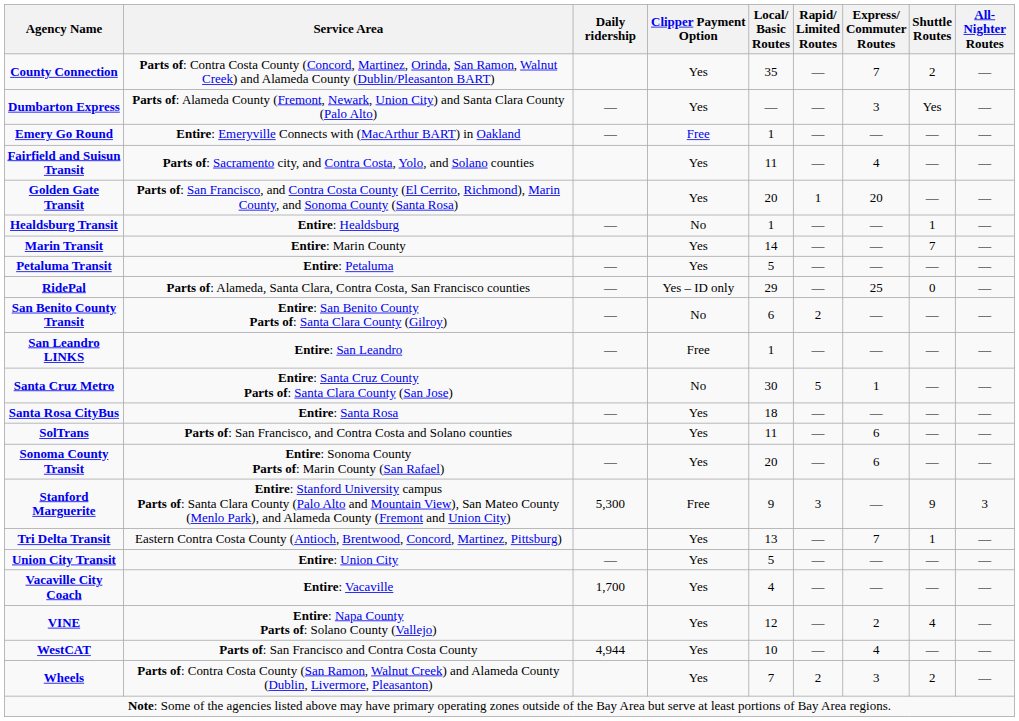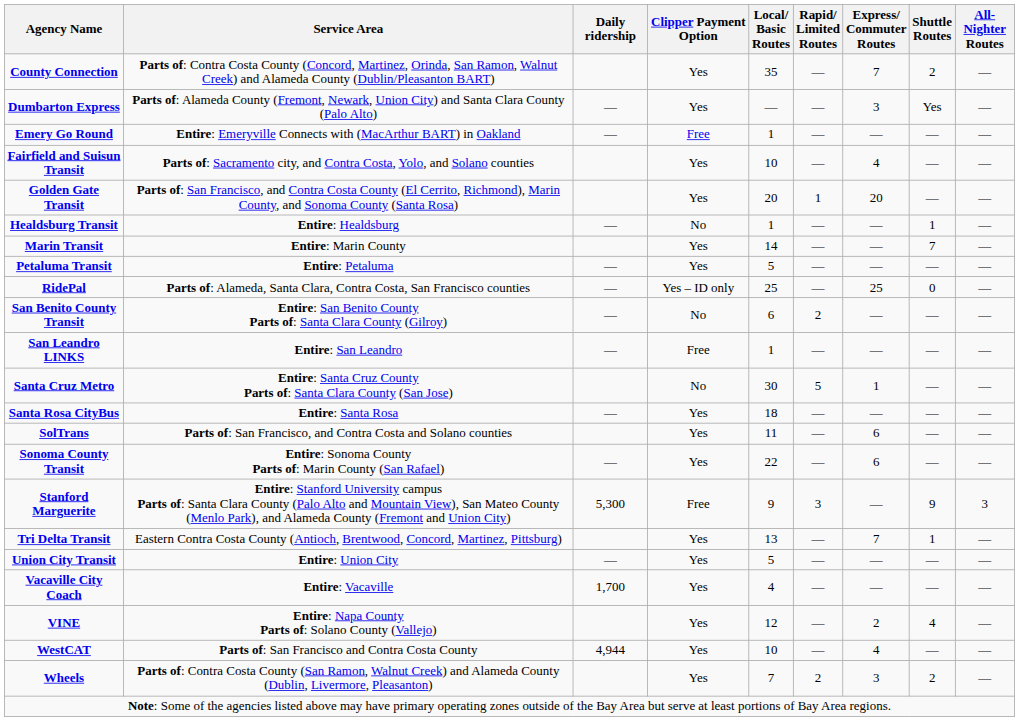 <table class="wikitable sticky-header " style="text-align:center" style="font-size: 90%;" |>
 <tr>
 <th>Agency Name</th>
 <th>Service Area</th>
 <th>Daily ridership</th>
 <th><a href='#'>Clipper</a> Payment Option</th>
 <th>Local/<br>Basic<br>Routes</th>
 <th>Rapid/<br>Limited<br>Routes</th>
 <th>Express/<br>Commuter<br>Routes</th>
 <th>Shuttle<br>Routes</th>
 <th><a href='#'>All-Nighter</a><br>Routes</th>
 </tr>
 <tr>
 <td><strong><a href='#'>County Connection</a></strong></td>
 <td><strong>Parts of</strong>: Contra Costa County (<a href='#'>Concord</a>, <a href='#'>Martinez</a>, <a href='#'>Orinda</a>, <a href='#'>San Ramon</a>, <a href='#'>Walnut Creek</a>) and Alameda County (<a href='#'>Dublin/Pleasanton BART</a>)</td>
 <td></td>
 <td>Yes</td>
 <td>35</td>
 <td>—</td>
 <td>7</td>
 <td>2</td>
 <td>—</td>
 </tr>
 <tr>
 <td><strong><a href='#'>Dumbarton Express</a></strong></td>
 <td><strong>Parts of</strong>: Alameda County (<a href='#'>Fremont</a>, <a href='#'>Newark</a>, <a href='#'>Union City</a>) and Santa Clara County (<a href='#'>Palo Alto</a>)</td>
 <td>—</td>
 <td>Yes</td>
 <td>—</td>
 <td>—</td>
 <td>3</td>
 <td>Yes</td>
 <td>—</td>
 </tr>
 <tr>
 <td><strong><a href='#'>Emery Go Round</a></strong></td>
 <td><strong>Entire</strong>: <a href='#'>Emeryville</a> Connects with (<a href='#'>MacArthur BART</a>) in <a href='#'>Oakland</a></td>
 <td>—</td>
 <td><a href='#'>Free</a></td>
 <td>1</td>
 <td>—</td>
 <td>—</td>
 <td>—</td>
 <td>—</td>
 </tr>
 <tr>
 <td><strong><a href='#'>Fairfield and Suisun Transit</a></strong></td>
 <td><strong>Parts of</strong>: <a href='#'>Sacramento</a> city, and <a href='#'>Contra Costa</a>, <a href='#'>Yolo</a>, and <a href='#'>Solano</a> counties</td>
 <td></td>
 <td>Yes</td>
-<td>11</td>
+<td>10</td>
 <td>—</td>
 <td>4</td>
 <td>—</td>
 <td>—</td>
 </tr>
 <tr>
 <td><strong><a href='#'>Golden Gate Transit</a></strong></td>
 <td><strong>Parts of</strong>: <a href='#'>San Francisco</a>, and <a href='#'> Contra Costa County</a> (<a href='#'>El Cerrito</a>, <a href='#'>Richmond</a>), <a href='#'>Marin County</a>, and <a href='#'>Sonoma County</a> (<a href='#'>Santa Rosa</a>)</td>
 <td></td>
 <td>Yes</td>
 <td>20</td>
 <td>1</td>
 <td>20</td>
 <td>—</td>
 <td>—</td>
 </tr>
 <tr>
 <td><strong><a href='#'>Healdsburg Transit</a></strong></td>
 <td><strong>Entire</strong>: <a href='#'>Healdsburg</a></td>
 <td>—</td>
 <td>No</td>
 <td>1</td>
 <td>—</td>
 <td>—</td>
 <td>1</td>
 <td>—</td>
 </tr>
 <tr>
 <td><strong><a href='#'>Marin Transit</a></strong></td>
 <td><strong>Entire</strong>: Marin County</td>
 <td></td>
 <td>Yes</td>
 <td>14</td>
 <td>—</td>
 <td>—</td>
 <td>7</td>
 <td>—</td>
 </tr>
 <tr>
 <td><strong><a href='#'>Petaluma Transit</a></strong></td>
 <td><strong>Entire</strong>: <a href='#'>Petaluma</a></td>
 <td>—</td>
 <td>Yes</td>
 <td>5</td>
 <td>—</td>
 <td>—</td>
 <td>—</td>
 <td>—</td>
 </tr>
 <tr>
 <td><strong><a href='#'>RidePal</a></strong></td>
 <td><strong>Parts of</strong>: Alameda, Santa Clara, Contra Costa, San Francisco counties</td>
 <td>—</td>
 <td>Yes – ID only</td>
-<td>29</td>
+<td>25</td>
 <td>—</td>
 <td>25</td>
 <td>0</td>
 <td>—</td>
 </tr>
 <tr>
 <td><strong><a href='#'>San Benito County Transit</a></strong></td>
 <td><strong>Entire</strong>: <a href='#'>San Benito County</a><br> <strong>Parts of</strong>: <a href='#'>Santa Clara County</a> (<a href='#'>Gilroy</a>)</td>
 <td>—</td>
 <td>No</td>
 <td>6</td>
 <td>2</td>
 <td>—</td>
 <td>—</td>
 <td>—</td>
 </tr>
 <tr>
 <td><strong><a href='#'>San Leandro LINKS</a></strong></td>
 <td><strong>Entire</strong>: <a href='#'>San Leandro</a></td>
 <td>—</td>
 <td>Free</td>
 <td>1</td>
 <td>—</td>
 <td>—</td>
 <td>—</td>
 <td>—</td>
 </tr>
 <tr>
 <td><strong><a href='#'>Santa Cruz Metro</a></strong></td>
 <td><strong>Entire</strong>: <a href='#'>Santa Cruz County</a><br><strong>Parts of</strong>: <a href='#'>Santa Clara County</a> (<a href='#'>San Jose</a>)</td>
 <td></td>
 <td>No</td>
 <td>30</td>
 <td>5</td>
 <td>1</td>
 <td>—</td>
 <td>—</td>
 </tr>
 <tr>
 <td><strong><a href='#'>Santa Rosa CityBus</a></strong></td>
 <td><strong>Entire</strong>: <a href='#'>Santa Rosa</a></td>
 <td>—</td>
 <td>Yes</td>
 <td>18</td>
 <td>—</td>
 <td>—</td>
 <td>—</td>
 <td>—</td>
 </tr>
 <tr>
 <td><strong><a href='#'>SolTrans</a></strong></td>
 <td><strong>Parts of</strong>: San Francisco, and Contra Costa and Solano counties</td>
 <td></td>
 <td>Yes</td>
 <td>11</td>
 <td>—</td>
 <td>6</td>
 <td>—</td>
 <td>—</td>
 </tr>
 <tr>
 <td><strong><a href='#'>Sonoma County Transit</a></strong></td>
 <td><strong>Entire</strong>: Sonoma County<br><strong>Parts of</strong>: Marin County (<a href='#'>San Rafael</a>)</td>
 <td>—</td>
 <td>Yes</td>
-<td>20</td>
+<td>22</td>
 <td>—</td>
 <td>6</td>
 <td>—</td>
 <td>—</td>
 </tr>
 <tr>
 <td><strong><a href='#'>Stanford Marguerite</a></strong></td>
 <td><strong>Entire</strong>: <a href='#'>Stanford University</a> campus<br><strong>Parts of</strong>: Santa Clara County (<a href='#'>Palo Alto</a> and <a href='#'>Mountain View</a>), San Mateo County (<a href='#'>Menlo Park</a>), and Alameda County (<a href='#'>Fremont</a> and <a href='#'>Union City</a>)</td>
 <td>5,300</td>
 <td>Free</td>
 <td>9</td>
 <td>3</td>
 <td>—</td>
 <td>9</td>
 <td>3</td>
 </tr>
 <tr>
 <td><strong><a href='#'>Tri Delta Transit</a></strong></td>
 <td>Eastern Contra Costa County (<a href='#'>Antioch</a>, <a href='#'>Brentwood</a>, <a href='#'>Concord</a>, <a href='#'>Martinez</a>, <a href='#'>Pittsburg</a>)</td>
 <td></td>
 <td>Yes</td>
 <td>13</td>
 <td>—</td>
 <td>7</td>
 <td>1</td>
 <td>—</td>
 </tr>
 <tr>
 <td><strong><a href='#'>Union City Transit</a></strong></td>
 <td><strong>Entire</strong>: <a href='#'>Union City</a></td>
 <td>—</td>
 <td>Yes</td>
 <td>5</td>
 <td>—</td>
 <td>—</td>
 <td>—</td>
 <td>—</td>
 </tr>
 <tr>
 <td><strong><a href='#'>Vacaville City Coach</a></strong></td>
 <td><strong>Entire</strong>: <a href='#'>Vacaville</a></td>
 <td>1,700</td>
 <td>Yes</td>
 <td>4</td>
 <td>—</td>
 <td>—</td>
 <td>—</td>
 <td>—</td>
 </tr>
 <tr>
 <td><strong><a href='#'>VINE</a></strong></td>
 <td><strong>Entire</strong>: <a href='#'>Napa County</a><br><strong>Parts of</strong>: Solano County (<a href='#'>Vallejo</a>)</td>
 <td></td>
 <td>Yes</td>
 <td>12</td>
 <td>—</td>
 <td>2</td>
 <td>4</td>
 <td>—</td>
 </tr>
 <tr>
 <td><strong><a href='#'>WestCAT</a></strong></td>
 <td><strong>Parts of</strong>: San Francisco and Contra Costa County</td>
 <td>4,944</td>
 <td>Yes</td>
 <td>10</td>
 <td>—</td>
 <td>4</td>
 <td>—</td>
 <td>—</td>
 </tr>
 <tr>
 <td><strong><a href='#'>Wheels</a></strong></td>
 <td><strong>Parts of</strong>: Contra Costa County (<a href='#'>San Ramon</a>, <a href='#'>Walnut Creek</a>) and Alameda County (<a href='#'>Dublin</a>, <a href='#'>Livermore</a>, <a href='#'>Pleasanton</a>)</td>
 <td></td>
 <td>Yes</td>
 <td>7</td>
 <td>2</td>
 <td>3</td>
 <td>2</td>
 <td>—</td>
 </tr>
 <tr>
 <td colspan="9"><strong>Note</strong>: Some of the agencies listed above may have primary operating zones outside of the Bay Area but serve at least portions of Bay Area regions.</td>
 </tr>
 </table>
